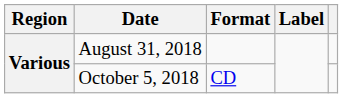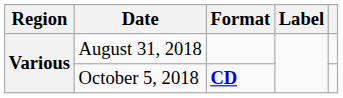 <table class="wikitable plainrowheaders">
 <tr>
 <th scope="col">Region</th>
 <th scope="col">Date</th>
 <th scope="col">Format</th>
 <th scope="col">Label</th>
 <th scope="col"></th>
 </tr>
 <tr>
 <th scope="row" rowspan="2">Various</th>
 <td>August 31, 2018</td>
 <td></td>
 <td rowspan="2"></td>
 <td></td>
 </tr>
 <tr>
 <td>October 5, 2018</td>
-<td><a href='#'>CD</a></td>
+<td><strong><a href='#'>CD</a></strong></td>
 <td></td>
 </tr>
 </table>
